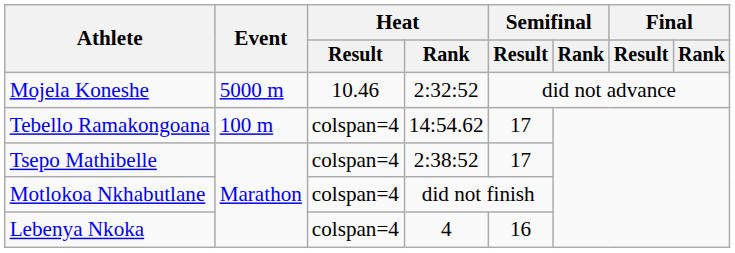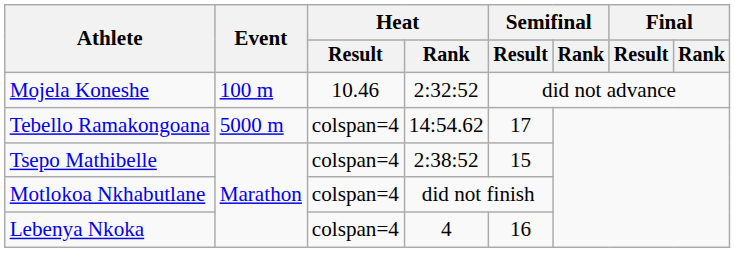 <table class="wikitable" style="font-size:90%; text-align:center">
 <tr>
 <th rowspan=2>Athlete</th>
 <th rowspan=2>Event</th>
 <th colspan=2>Heat</th>
 <th colspan=2>Semifinal</th>
 <th colspan=2>Final</th>
 </tr>
 <tr style="font-size:95%">
 <th>Result</th>
 <th>Rank</th>
 <th>Result</th>
 <th>Rank</th>
 <th>Result</th>
 <th>Rank</th>
 </tr>
 <tr>
 <td align=left rowspan=1><a href='#'>Mojela Koneshe</a></td>
-<td align=left rowspan=1><a href='#'>5000 m</a></td>
+<td align=left rowspan=1><a href='#'>100 m</a></td>
 <td>10.46</td>
 <td>2:32:52</td>
 <td colspan=4>did not advance</td>
 </tr>
 <tr>
 <td align=left rowspan=1><a href='#'>Tebello Ramakongoana</a></td>
-<td align=left rowspan=1><a href='#'>100 m</a></td>
+<td align=left rowspan=1><a href='#'>5000 m</a></td>
 <td>colspan=4 </td>
 <td>14:54.62</td>
 <td>17</td>
 </tr>
 <tr>
 <td align=left><a href='#'>Tsepo Mathibelle</a></td>
 <td align=left rowspan=3><a href='#'>Marathon</a></td>
 <td>colspan=4 </td>
 <td>2:38:52</td>
-<td>17</td>
+<td>15</td>
 </tr>
 <tr>
 <td align=left><a href='#'>Motlokoa Nkhabutlane</a></td>
 <td>colspan=4 </td>
 <td colspan=2>did not finish</td>
 </tr>
 <tr>
 <td align=left><a href='#'>Lebenya Nkoka</a></td>
 <td>colspan=4 </td>
 <td>4</td>
 <td>16</td>
 </tr>
 </table>
